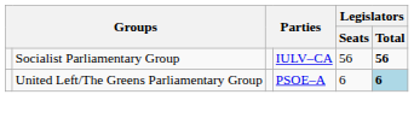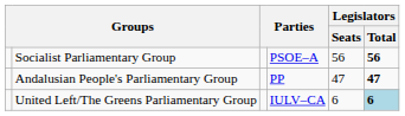 <table class="wikitable" style="text-align:left;">
 <tr>
 <th rowspan="2" colspan="2">Groups</th>
 <th rowspan="2" colspan="2">Parties</th>
 <th colspan="2">Legislators</th>
 </tr>
 <tr>
 <th>Seats</th>
 <th>Total</th>
 </tr>
 <tr>
 <td width="1" style="color:inherit;background:"></td>
 <td>Socialist Parliamentary Group</td>
 <td width="1" style="color:inherit;background:"></td>
-<td><a href='#'>IULV–CA</a></td>
+<td><a href='#'>PSOE–A</a></td>
 <td>56</td>
 <td><strong>56</strong></td>
 </tr>
 <tr>
 <td style="color:inherit;background:"></td>
+<td>Andalusian People's Parliamentary Group</td>
+<td style="color:inherit;background:"></td>
+<td><a href='#'>PP</a></td>
+<td>47</td>
+<td><strong>47</strong></td>
+</tr>
+<tr>
+<td style="color:inherit;background:"></td>
 <td>United Left/The Greens Parliamentary Group</td>
 <td style="color:inherit;background:"></td>
-<td><a href='#'>PSOE–A</a></td>
+<td><a href='#'>IULV–CA</a></td>
 <td>6</td>
 <td style="background: lightblue;"><strong>6</strong></td>
 </tr>
 </table>
